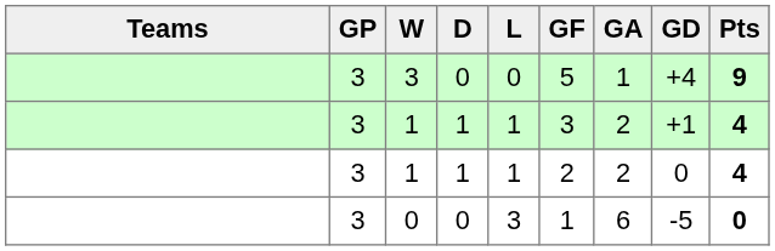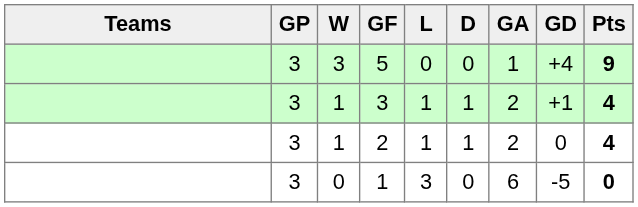 <table style=border-collapse:collapse border=1 cellspacing=0 cellpadding=5>
 <tr align=center bgcolor=#efefef>
 <th width=185>Teams</th>
 <th width=20>GP</th>
 <th width=20>W</th>
+<th width=20>GF</th>
+<th width=20>L</th>
 <th width=20>D</th>
-<th width=20>L</th>
-<th width=20>GF</th>
 <th width=20>GA</th>
 <th width=20>GD</th>
 <th width=20>Pts</th>
 </tr>
 <tr align=center style="background:#ccffcc;">
 <td style="text-align:left;"></td>
 <td>3</td>
 <td>3</td>
+<td>5</td>
 <td>0</td>
 <td>0</td>
-<td>5</td>
 <td>1</td>
 <td>+4</td>
 <td><strong>9</strong></td>
 </tr>
 <tr align=center style="background:#ccffcc;">
 <td style="text-align:left;"></td>
 <td>3</td>
 <td>1</td>
+<td>3</td>
 <td>1</td>
 <td>1</td>
-<td>3</td>
 <td>2</td>
 <td>+1</td>
 <td><strong>4</strong></td>
 </tr>
 <tr align=center>
 <td style="text-align:left;"></td>
 <td>3</td>
 <td>1</td>
+<td>2</td>
 <td>1</td>
 <td>1</td>
-<td>2</td>
 <td>2</td>
 <td>0</td>
 <td><strong>4</strong></td>
 </tr>
 <tr align=center>
 <td style="text-align:left;"></td>
 <td>3</td>
 <td>0</td>
+<td>1</td>
+<td>3</td>
 <td>0</td>
-<td>3</td>
-<td>1</td>
 <td>6</td>
 <td>-5</td>
 <td><strong>0</strong></td>
 </tr>
 </table>
